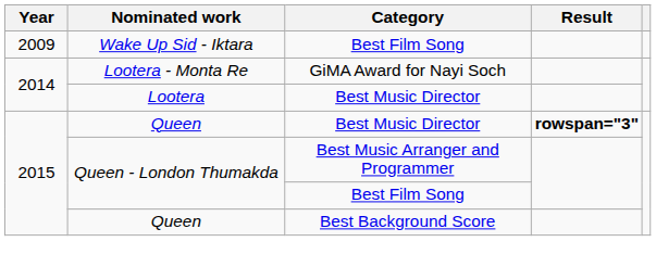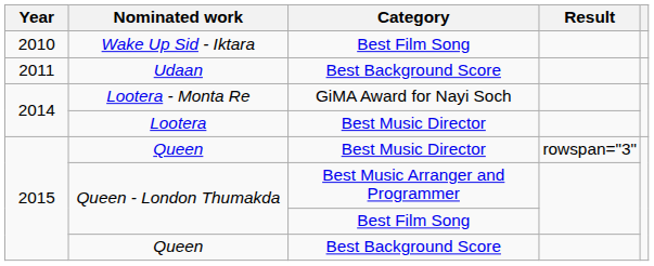 <table width="70%" class="wikitable plainrowheaders sortable">
 <tr>
 <th width="10%">Year</th>
 <th width="35%">Nominated work</th>
 <th width="40%">Category</th>
 <th width="15%">Result</th>
 <th scope="col" class="unsortable"></th>
 </tr>
 <tr>
-<td align="center">2009</td>
+<td align="center">2010</td>
 <td align="center"><em><a href='#'>Wake Up Sid</a> - Iktara</em></td>
 <td align="center"><a href='#'>Best Film Song</a></td>
+<td></td>
+<td style="text-align:center;"></td>
+</tr>
+<tr>
+<td align="center">2011</td>
+<td align="center"><em><a href='#'>Udaan</a></em></td>
+<td align="center"><a href='#'>Best Background Score</a></td>
 <td></td>
 <td style="text-align:center;"></td>
 </tr>
 <tr>
 <td align="center" rowspan="2">2014</td>
 <td align="center"><em><a href='#'>Lootera</a> - Monta Re</em></td>
 <td align="center">GiMA Award for Nayi Soch</td>
 <td></td>
 <td style="text-align:center;" rowspan=2></td>
 </tr>
 <tr>
 <td align="center"><em><a href='#'>Lootera</a></em></td>
 <td align="center"><a href='#'>Best Music Director</a></td>
 <td></td>
 </tr>
 <tr>
 <td align="center" rowspan="4">2015</td>
 <td align="center"><em><a href='#'>Queen</a></em></td>
 <td align="center"><a href='#'>Best Music Director</a></td>
-<td><strong>rowspan="3" </strong></td>
+<td>rowspan="3" </td>
 <td style="text-align:center;" rowspan=4></td>
 </tr>
 <tr>
 <td align="center" rowspan="2"><em>Queen - London Thumakda</em></td>
 <td align="center"><a href='#'>Best Music Arranger and Programmer</a></td>
 </tr>
 <tr>
 <td align="center"><a href='#'>Best Film Song</a></td>
 </tr>
 <tr>
 <td align="center"><em>Queen</em></td>
 <td align="center"><a href='#'>Best Background Score</a></td>
 <td></td>
 </tr>
 </table>
